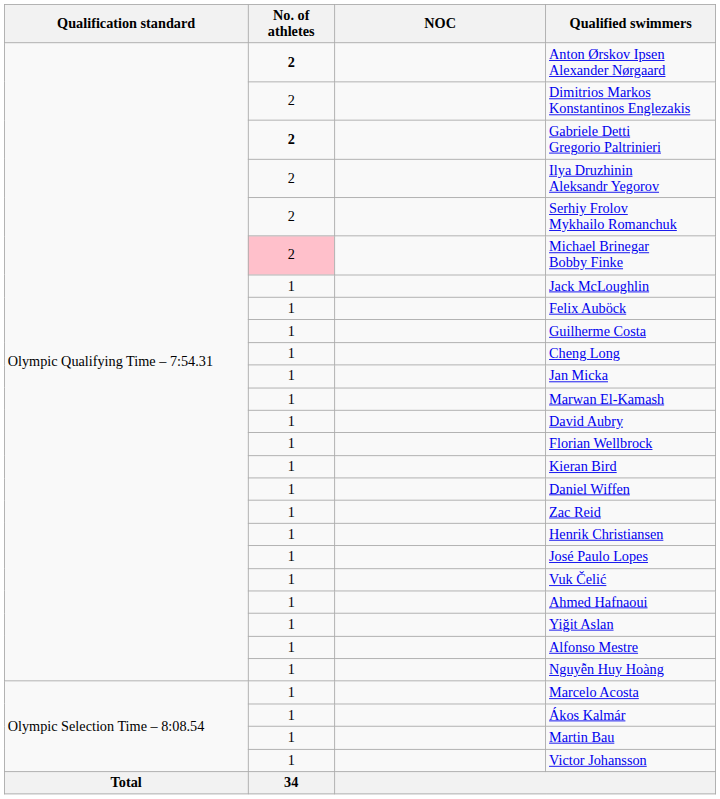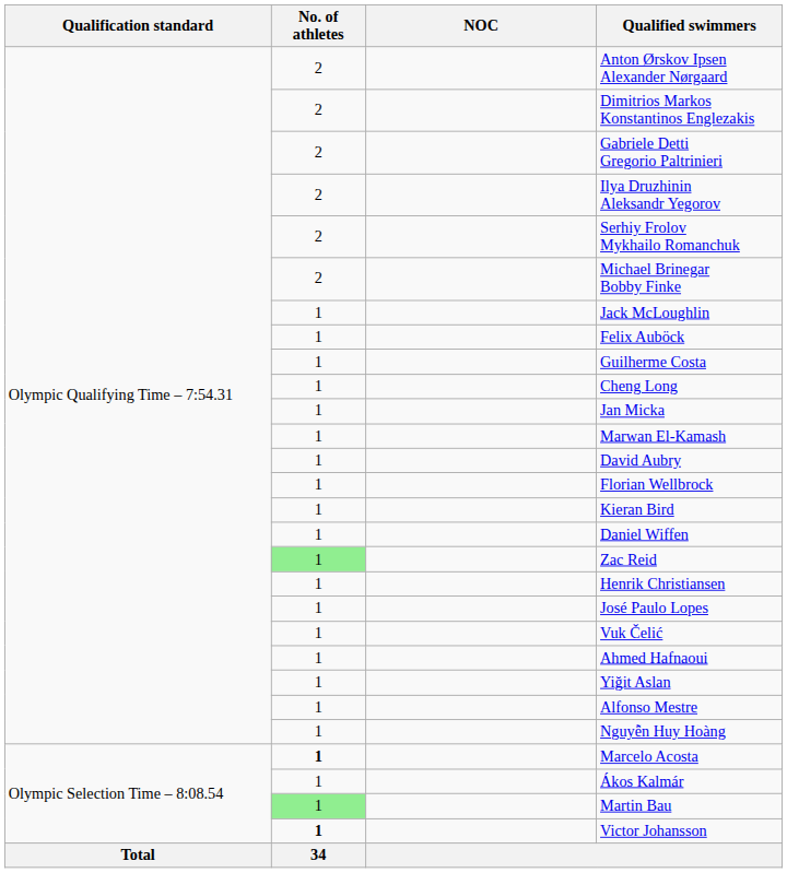 <table class=wikitable style="text-align:left" width=800>
 <tr>
 <th>Qualification standard</th>
 <th width=90>No. of athletes</th>
 <th width=230>NOC</th>
 <th>Qualified swimmers</th>
 </tr>
 <tr>
 <td rowspan=24>Olympic Qualifying Time – 7:54.31</td>
-<td align=center><strong>2</strong></td>
+<td align=center>2</td>
 <td></td>
 <td><a href='#'>Anton Ørskov Ipsen</a><br><a href='#'>Alexander Nørgaard</a></td>
 </tr>
 <tr>
 <td align=center>2</td>
 <td></td>
 <td><a href='#'>Dimitrios Markos</a><br><a href='#'>Konstantinos Englezakis</a></td>
 </tr>
 <tr>
-<td align=center><strong>2</strong></td>
+<td align=center>2</td>
 <td></td>
 <td><a href='#'>Gabriele Detti</a><br><a href='#'>Gregorio Paltrinieri</a></td>
 </tr>
 <tr>
 <td align=center>2</td>
 <td></td>
 <td><a href='#'>Ilya Druzhinin</a><br><a href='#'>Aleksandr Yegorov</a></td>
 </tr>
 <tr>
 <td align=center>2</td>
 <td></td>
 <td><a href='#'>Serhiy Frolov</a><br><a href='#'>Mykhailo Romanchuk</a></td>
 </tr>
 <tr>
-<td align=center style="background: pink;">2</td>
+<td align=center>2</td>
 <td></td>
 <td><a href='#'>Michael Brinegar</a><br><a href='#'>Bobby Finke</a></td>
 </tr>
 <tr>
 <td align=center>1</td>
 <td></td>
 <td><a href='#'>Jack McLoughlin</a></td>
 </tr>
 <tr>
 <td align=center>1</td>
 <td></td>
 <td><a href='#'>Felix Auböck</a></td>
 </tr>
 <tr>
 <td align=center>1</td>
 <td></td>
 <td><a href='#'>Guilherme Costa</a></td>
 </tr>
 <tr>
 <td align="center">1</td>
 <td></td>
 <td><a href='#'>Cheng Long</a></td>
 </tr>
 <tr>
 <td align=center>1</td>
 <td></td>
 <td><a href='#'>Jan Micka</a></td>
 </tr>
 <tr>
 <td align=center>1</td>
 <td></td>
 <td><a href='#'>Marwan El-Kamash</a></td>
 </tr>
 <tr>
 <td align=center>1</td>
 <td></td>
 <td><a href='#'>David Aubry</a></td>
 </tr>
 <tr>
 <td align="center">1</td>
 <td></td>
 <td><a href='#'>Florian Wellbrock</a></td>
 </tr>
 <tr>
 <td align=center>1</td>
 <td></td>
 <td><a href='#'>Kieran Bird</a></td>
 </tr>
 <tr>
 <td align=center>1</td>
 <td></td>
 <td><a href='#'>Daniel Wiffen</a></td>
 </tr>
 <tr>
-<td align=center>1</td>
+<td align=center style="background: lightgreen;">1</td>
 <td></td>
 <td><a href='#'>Zac Reid</a></td>
 </tr>
 <tr>
 <td align=center>1</td>
 <td></td>
 <td><a href='#'>Henrik Christiansen</a></td>
 </tr>
 <tr>
 <td align=center>1</td>
 <td></td>
 <td><a href='#'>José Paulo Lopes</a></td>
 </tr>
 <tr>
 <td align=center>1</td>
 <td></td>
 <td><a href='#'>Vuk Čelić</a></td>
 </tr>
 <tr>
 <td align=center>1</td>
 <td></td>
 <td><a href='#'>Ahmed Hafnaoui</a></td>
 </tr>
 <tr>
 <td align=center>1</td>
 <td></td>
 <td><a href='#'>Yiğit Aslan</a></td>
 </tr>
 <tr>
 <td align=center>1</td>
 <td></td>
 <td><a href='#'>Alfonso Mestre</a></td>
 </tr>
 <tr>
 <td align=center>1</td>
 <td></td>
 <td><a href='#'>Nguyễn Huy Hoàng</a></td>
 </tr>
 <tr>
 <td rowspan=4>Olympic Selection Time – 8:08.54</td>
-<td align=center>1</td>
+<td align=center><strong>1</strong></td>
 <td></td>
 <td><a href='#'>Marcelo Acosta</a></td>
 </tr>
 <tr>
 <td align=center>1</td>
 <td></td>
 <td><a href='#'>Ákos Kalmár</a></td>
 </tr>
 <tr>
-<td align=center>1</td>
+<td align=center style="background: lightgreen;">1</td>
 <td></td>
 <td><a href='#'>Martin Bau</a></td>
 </tr>
 <tr>
-<td align=center>1</td>
+<td align=center><strong>1</strong></td>
 <td></td>
 <td><a href='#'>Victor Johansson</a></td>
 </tr>
 <tr>
 <th><strong>Total</strong></th>
 <th>34</th>
 <th colspan=2></th>
 </tr>
 </table>
